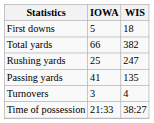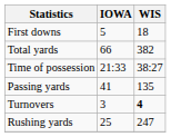 <table class="wikitable">
 <tr>
 <th>Statistics</th>
 <th>IOWA</th>
 <th>WIS</th>
 </tr>
 <tr>
 <td>First downs</td>
 <td>5</td>
 <td>18</td>
 </tr>
 <tr>
 <td>Total yards</td>
 <td>66</td>
 <td>382</td>
 </tr>
 <tr>
-<td>Rushing yards</td>
-<td>25</td>
-<td>247</td>
+<td>Time of possession</td>
+<td>21:33</td>
+<td>38:27</td>
 </tr>
 <tr>
 <td>Passing yards</td>
 <td>41</td>
 <td>135</td>
 </tr>
 <tr>
 <td>Turnovers</td>
 <td>3</td>
-<td>4</td>
+<td><strong>4</strong></td>
 </tr>
 <tr>
-<td>Time of possession</td>
-<td>21:33</td>
-<td>38:27</td>
+<td>Rushing yards</td>
+<td>25</td>
+<td>247</td>
 </tr>
 <tr>
 </tr>
 </table>
